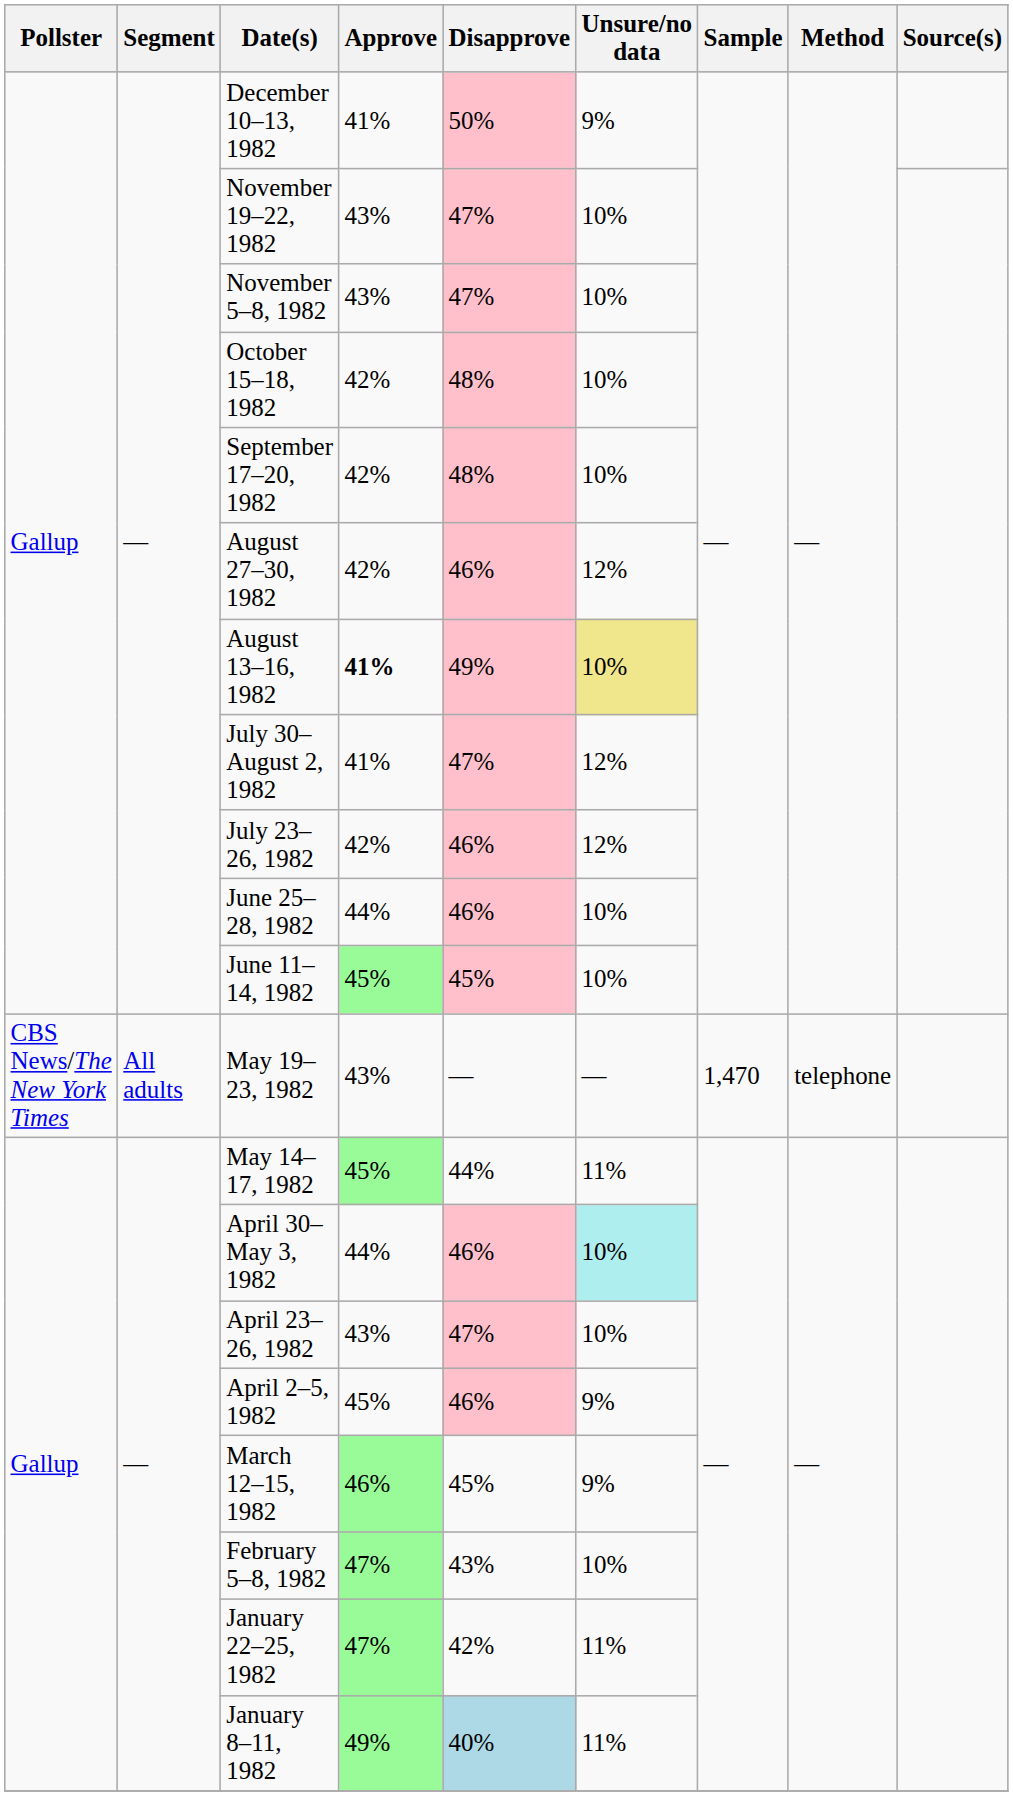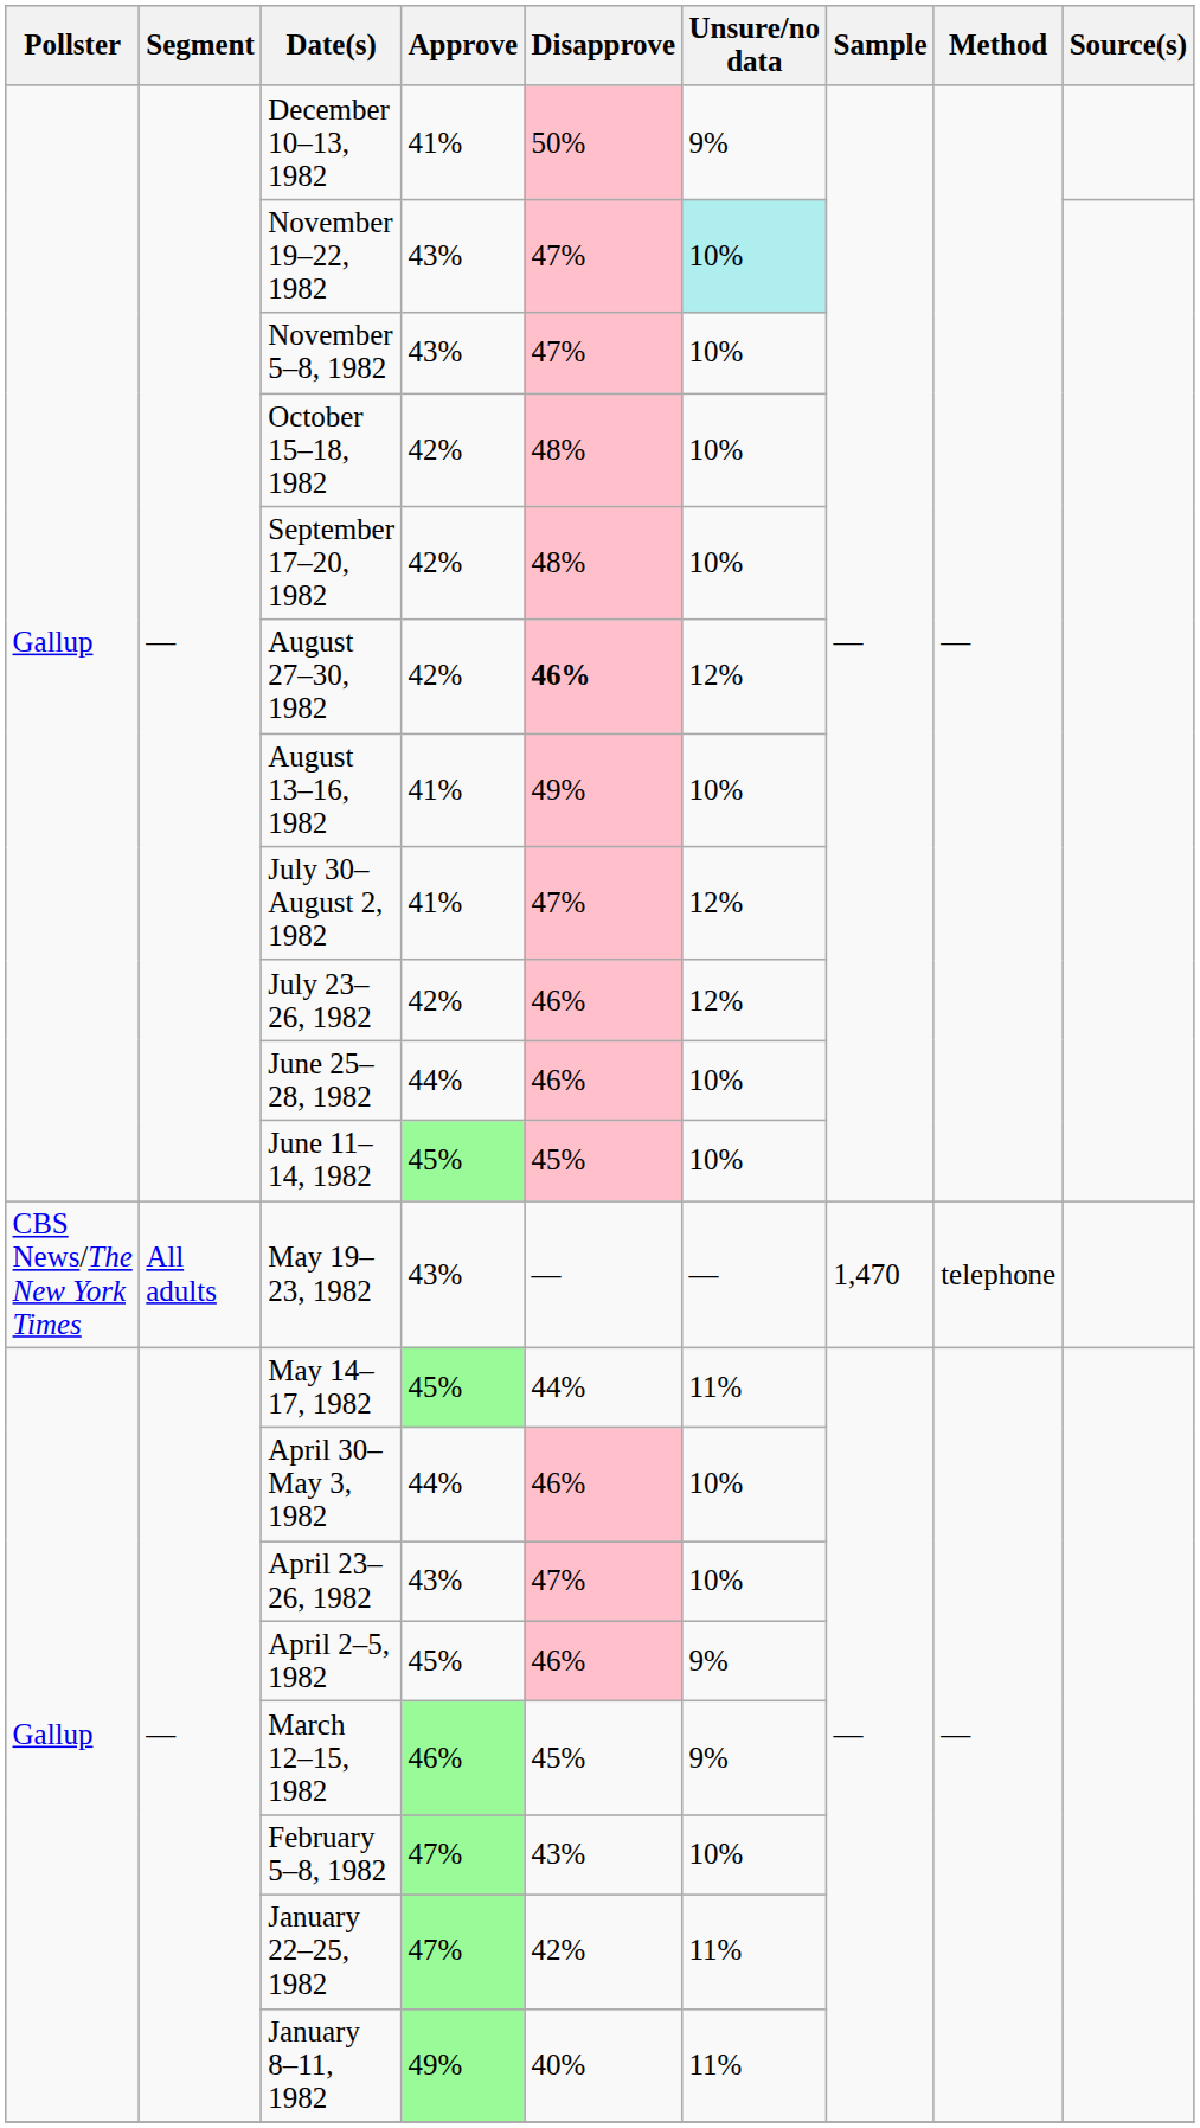 <table class="wikitable sortable" style="width:50%;">
 <tr>
 <th>Pollster</th>
 <th>Segment</th>
 <th>Date(s)</th>
 <th>Approve</th>
 <th>Disapprove</th>
 <th>Unsure/no data</th>
 <th>Sample</th>
 <th>Method</th>
 <th>Source(s)</th>
 </tr>
 <tr>
 <td rowspan="11"><a href='#'>Gallup</a></td>
 <td rowspan="11">—</td>
 <td>December 10–13, 1982</td>
 <td>41%</td>
 <td style="background:pink;color:black">50%</td>
 <td>9%</td>
 <td rowspan="11">—</td>
 <td rowspan="11">—</td>
 <td></td>
 </tr>
 <tr>
 <td>November 19–22, 1982</td>
 <td>43%</td>
 <td style="background:pink;color:black">47%</td>
-<td>10%</td>
+<td style="background: paleturquoise;">10%</td>
 <td rowspan="10"></td>
 </tr>
 <tr>
 <td>November 5–8, 1982</td>
 <td>43%</td>
 <td style="background:pink;color:black">47%</td>
 <td>10%</td>
 </tr>
 <tr>
 <td>October 15–18, 1982</td>
 <td>42%</td>
 <td style="background:pink;color:black">48%</td>
 <td>10%</td>
 </tr>
 <tr>
 <td>September 17–20, 1982</td>
 <td>42%</td>
 <td style="background:pink;color:black">48%</td>
 <td>10%</td>
 </tr>
 <tr>
 <td>August 27–30, 1982</td>
 <td>42%</td>
-<td style="background:pink;color:black">46%</td>
+<td style="background:pink;color:black"><strong>46%</strong></td>
 <td>12%</td>
 </tr>
 <tr>
 <td>August 13–16, 1982</td>
-<td><strong>41%</strong></td>
+<td>41%</td>
 <td style="background:pink;color:black">49%</td>
-<td style="background: khaki;">10%</td>
+<td>10%</td>
 </tr>
 <tr>
 <td>July 30–August 2, 1982</td>
 <td>41%</td>
 <td style="background:pink;color:black">47%</td>
 <td>12%</td>
 </tr>
 <tr>
 <td>July 23–26, 1982</td>
 <td>42%</td>
 <td style="background:pink;color:black">46%</td>
 <td>12%</td>
 </tr>
 <tr>
 <td>June 25–28, 1982</td>
 <td>44%</td>
 <td style="background:pink;color:black">46%</td>
 <td>10%</td>
 </tr>
 <tr>
 <td>June 11–14, 1982</td>
 <td style="background:palegreen;color:black">45%</td>
 <td style="background:pink;color:black">45%</td>
 <td>10%</td>
 </tr>
 <tr>
 <td><a href='#'>CBS News</a>/<em><a href='#'>The New York Times</a></em></td>
 <td><a href='#'>All adults</a></td>
 <td>May 19–23, 1982</td>
 <td>43%</td>
 <td>—</td>
 <td>—</td>
 <td>1,470</td>
 <td>telephone</td>
 <td></td>
 </tr>
 <tr>
 <td rowspan="8"><a href='#'>Gallup</a></td>
 <td rowspan="8">—</td>
 <td>May 14–17, 1982</td>
 <td style="background:palegreen;color:black">45%</td>
 <td>44%</td>
 <td>11%</td>
 <td rowspan="8">—</td>
 <td rowspan="8">—</td>
 <td rowspan="8"></td>
 </tr>
 <tr>
 <td>April 30–May 3, 1982</td>
 <td>44%</td>
 <td style="background:pink;color:black">46%</td>
-<td style="background: paleturquoise;">10%</td>
+<td>10%</td>
 </tr>
 <tr>
 <td>April 23–26, 1982</td>
 <td>43%</td>
 <td style="background:pink;color:black">47%</td>
 <td>10%</td>
 </tr>
 <tr>
 <td>April 2–5, 1982</td>
 <td>45%</td>
 <td style="background:pink;color:black">46%</td>
 <td>9%</td>
 </tr>
 <tr>
 <td>March 12–15, 1982</td>
 <td style="background:palegreen;color:black">46%</td>
 <td>45%</td>
 <td>9%</td>
 </tr>
 <tr>
 <td>February 5–8, 1982</td>
 <td style="background:palegreen;color:black">47%</td>
 <td>43%</td>
 <td>10%</td>
 </tr>
 <tr>
 <td>January 22–25, 1982</td>
 <td style="background:palegreen;color:black">47%</td>
 <td>42%</td>
 <td>11%</td>
 </tr>
 <tr>
 <td>January 8–11, 1982</td>
 <td style="background:palegreen;color:black">49%</td>
-<td style="background: lightblue;">40%</td>
+<td>40%</td>
 <td>11%</td>
 </tr>
 <tr>
 </tr>
 </table>
